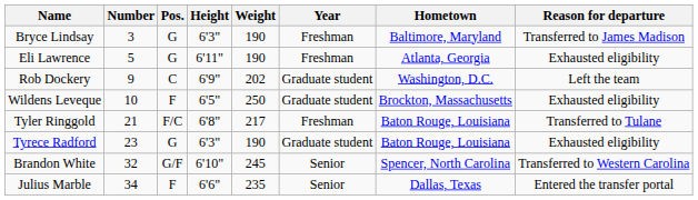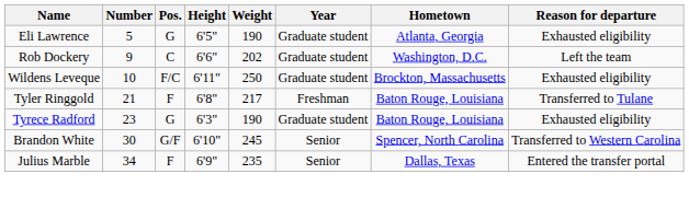 <table class="wikitable sortable" style="text-align:center">
 <tr align=center>
 <th>Name</th>
 <th>Number</th>
 <th>Pos.</th>
 <th>Height</th>
 <th>Weight</th>
 <th>Year</th>
 <th>Hometown</th>
 <th>Reason for departure</th>
 </tr>
 <tr>
-<td>Bryce Lindsay</td>
-<td>3</td>
-<td>G</td>
-<td>6'3"</td>
-<td>190</td>
-<td>Freshman</td>
-<td><a href='#'>Baltimore, Maryland</a></td>
-<td>Transferred to <a href='#'>James Madison</a></td>
-</tr>
-<tr>
 <td>Eli Lawrence</td>
 <td>5</td>
 <td>G</td>
-<td>6'11"</td>
+<td>6'5"</td>
 <td>190</td>
-<td>Freshman</td>
+<td>Graduate student</td>
 <td><a href='#'>Atlanta, Georgia</a></td>
 <td>Exhausted eligibility</td>
 </tr>
 <tr>
 <td>Rob Dockery</td>
 <td>9</td>
 <td>C</td>
-<td>6'9"</td>
+<td>6'6"</td>
 <td>202</td>
 <td>Graduate student</td>
 <td><a href='#'>Washington, D.C.</a></td>
 <td>Left the team</td>
 </tr>
 <tr>
 <td>Wildens Leveque</td>
 <td>10</td>
-<td>F</td>
-<td>6'5"</td>
+<td>F/C</td>
+<td>6'11"</td>
 <td>250</td>
 <td>Graduate student</td>
 <td><a href='#'>Brockton, Massachusetts</a></td>
 <td>Exhausted eligibility</td>
 </tr>
 <tr>
 <td>Tyler Ringgold</td>
 <td>21</td>
-<td>F/C</td>
+<td>F</td>
 <td>6'8"</td>
 <td>217</td>
 <td>Freshman</td>
 <td><a href='#'>Baton Rouge, Louisiana</a></td>
 <td>Transferred to <a href='#'>Tulane</a></td>
 </tr>
 <tr>
 <td><a href='#'>Tyrece Radford</a></td>
 <td>23</td>
 <td>G</td>
 <td>6'3"</td>
 <td>190</td>
 <td>Graduate student</td>
 <td><a href='#'>Baton Rouge, Louisiana</a></td>
 <td>Exhausted eligibility</td>
 </tr>
 <tr>
 <td>Brandon White</td>
-<td>32</td>
+<td>30</td>
 <td>G/F</td>
 <td>6'10"</td>
 <td>245</td>
 <td>Senior</td>
 <td><a href='#'>Spencer, North Carolina</a></td>
 <td>Transferred to <a href='#'>Western Carolina</a></td>
 </tr>
 <tr>
 <td>Julius Marble</td>
 <td>34</td>
 <td>F</td>
-<td>6'6"</td>
+<td>6'9"</td>
 <td>235</td>
 <td>Senior</td>
 <td><a href='#'>Dallas, Texas</a></td>
 <td>Entered the transfer portal</td>
 </tr>
 </table>
